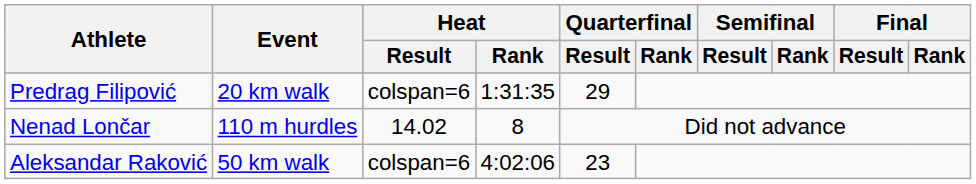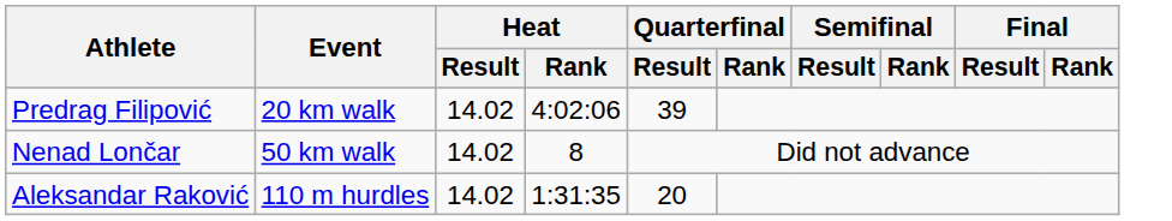 <table class=wikitable style="font-size:90%">
 <tr>
 <th rowspan="2">Athlete</th>
 <th rowspan="2">Event</th>
 <th colspan="2">Heat</th>
 <th colspan="2">Quarterfinal</th>
 <th colspan="2">Semifinal</th>
 <th colspan="2">Final</th>
 </tr>
 <tr style="font-size:95%">
 <th>Result</th>
 <th>Rank</th>
 <th>Result</th>
 <th>Rank</th>
 <th>Result</th>
 <th>Rank</th>
 <th>Result</th>
 <th>Rank</th>
 </tr>
 <tr align=center>
 <td align=left><a href='#'>Predrag Filipović</a></td>
 <td align=left><a href='#'>20 km walk</a></td>
-<td>colspan=6 </td>
-<td>1:31:35</td>
-<td>29</td>
+<td>14.02</td>
+<td>4:02:06</td>
+<td>39</td>
 </tr>
 <tr align=center>
 <td align=left><a href='#'>Nenad Lončar</a></td>
-<td align=left><a href='#'>110 m hurdles</a></td>
+<td align=left><a href='#'>50 km walk</a></td>
 <td>14.02</td>
 <td>8</td>
 <td colspan=6>Did not advance</td>
 </tr>
 <tr align=center>
 <td align=left><a href='#'>Aleksandar Raković</a></td>
-<td align=left><a href='#'>50 km walk</a></td>
-<td>colspan=6 </td>
-<td>4:02:06</td>
-<td>23</td>
+<td align=left><a href='#'>110 m hurdles</a></td>
+<td>14.02</td>
+<td>1:31:35</td>
+<td>20</td>
 </tr>
 </table>
